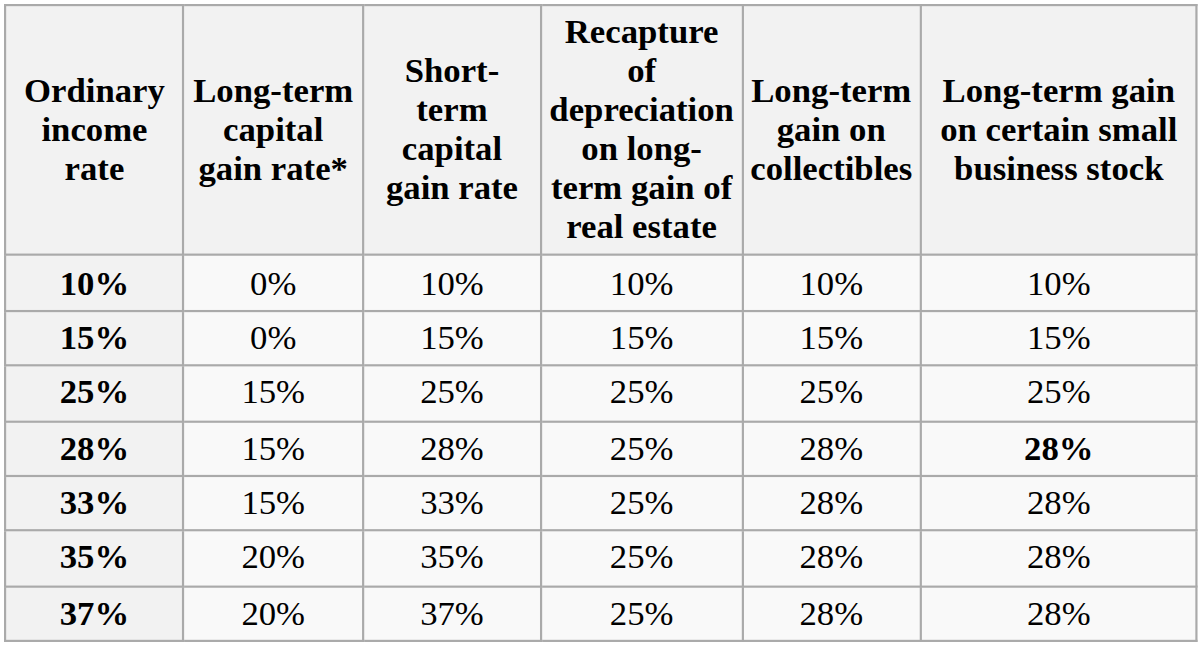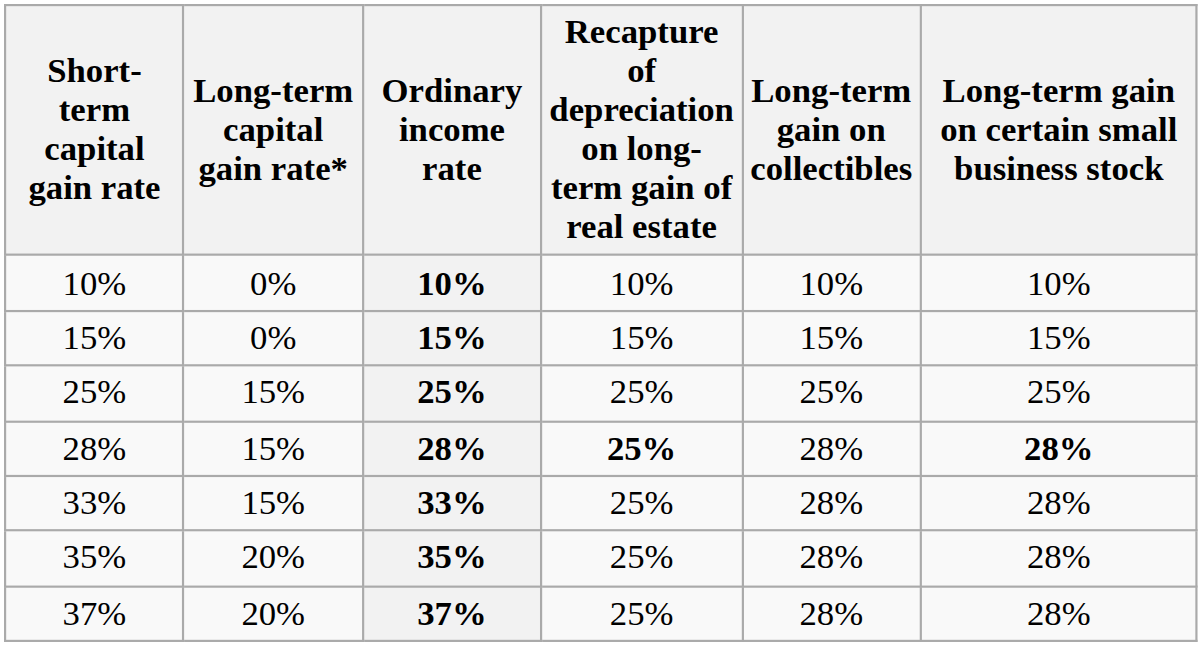 <table class=wikitable style="text-align:center">
 <tr>
+<th width=75>Short-term capital gain rate</th>
+<th width=75>Long-term capital gain rate*</th>
 <th width=75>Ordinary income rate</th>
-<th width=75>Long-term capital gain rate*</th>
-<th width=75>Short-term capital gain rate</th>
 <th width=75>Recapture of depreciation on long-term gain of real estate</th>
 <th width=75>Long-term gain on collectibles</th>
 <th width=120>Long-term gain on certain small business stock</th>
 </tr>
 <tr>
+<td>10%</td>
+<td>0%</td>
 <th>10%</th>
-<td>0%</td>
-<td>10%</td>
 <td>10%</td>
 <td>10%</td>
 <td>10%</td>
 </tr>
 <tr>
+<td>15%</td>
+<td>0%</td>
 <th>15%</th>
-<td>0%</td>
-<td>15%</td>
 <td>15%</td>
 <td>15%</td>
 <td>15%</td>
 </tr>
 <tr>
+<td>25%</td>
+<td>15%</td>
 <th>25%</th>
-<td>15%</td>
-<td>25%</td>
 <td>25%</td>
 <td>25%</td>
 <td>25%</td>
 </tr>
 <tr>
+<td>28%</td>
+<td>15%</td>
 <th>28%</th>
-<td>15%</td>
-<td>28%</td>
-<td>25%</td>
+<td><strong>25%</strong></td>
 <td>28%</td>
 <td><strong>28%</strong></td>
 </tr>
 <tr>
+<td>33%</td>
+<td>15%</td>
 <th>33%</th>
-<td>15%</td>
-<td>33%</td>
 <td>25%</td>
 <td>28%</td>
 <td>28%</td>
 </tr>
 <tr>
+<td>35%</td>
+<td>20%</td>
 <th>35%</th>
-<td>20%</td>
-<td>35%</td>
 <td>25%</td>
 <td>28%</td>
 <td>28%</td>
 </tr>
 <tr>
+<td>37%</td>
+<td>20%</td>
 <th>37%</th>
-<td>20%</td>
-<td>37%</td>
 <td>25%</td>
 <td>28%</td>
 <td>28%</td>
 </tr>
 </table>
